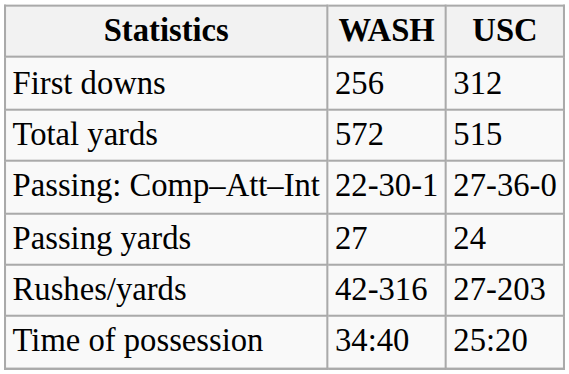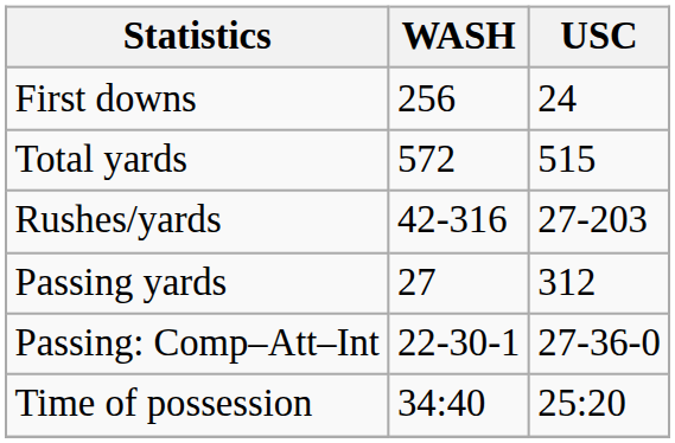 <table class="wikitable" style="float: left;">
 <tr>
 <th>Statistics</th>
 <th>WASH</th>
 <th>USC</th>
 </tr>
 <tr>
 <td>First downs</td>
 <td>256</td>
-<td>312</td>
+<td>24</td>
 </tr>
 <tr>
 <td>Total yards</td>
 <td>572</td>
 <td>515</td>
 </tr>
 <tr>
-<td>Passing: Comp–Att–Int</td>
-<td>22-30-1</td>
-<td>27-36-0</td>
+<td>Rushes/yards</td>
+<td>42-316</td>
+<td>27-203</td>
 </tr>
 <tr>
 <td>Passing yards</td>
 <td>27</td>
-<td>24</td>
+<td>312</td>
 </tr>
 <tr>
-<td>Rushes/yards</td>
-<td>42-316</td>
-<td>27-203</td>
+<td>Passing: Comp–Att–Int</td>
+<td>22-30-1</td>
+<td>27-36-0</td>
 </tr>
 <tr>
 <td>Time of possession</td>
 <td>34:40</td>
 <td>25:20</td>
 </tr>
 <tr>
 </tr>
 </table>
